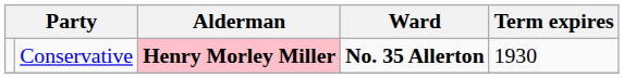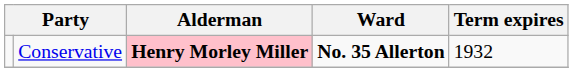 <table class="wikitable">
 <tr>
 <th colspan="2">Party</th>
 <th>Alderman</th>
 <th>Ward</th>
 <th>Term expires</th>
 </tr>
 <tr>
 <td style="background-color:"></td>
 <td><a href='#'>Conservative</a></td>
 <td style="background: pink;"><strong>Henry Morley Miller</strong></td>
 <td><strong>No. 35 Allerton</strong></td>
-<td>1930</td>
+<td>1932</td>
 </tr>
 <tr>
 </tr>
 </table>
